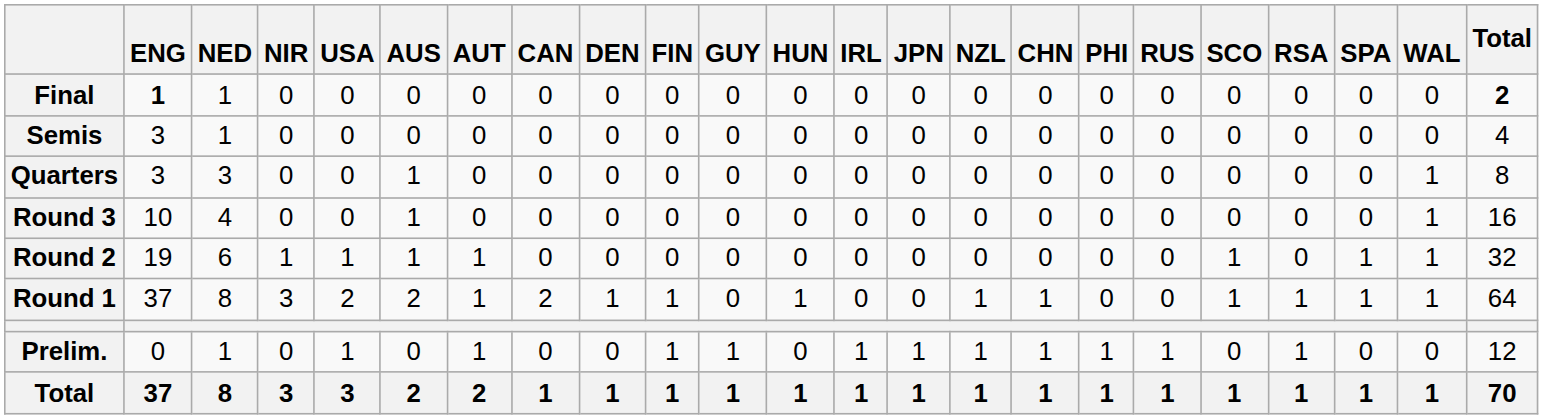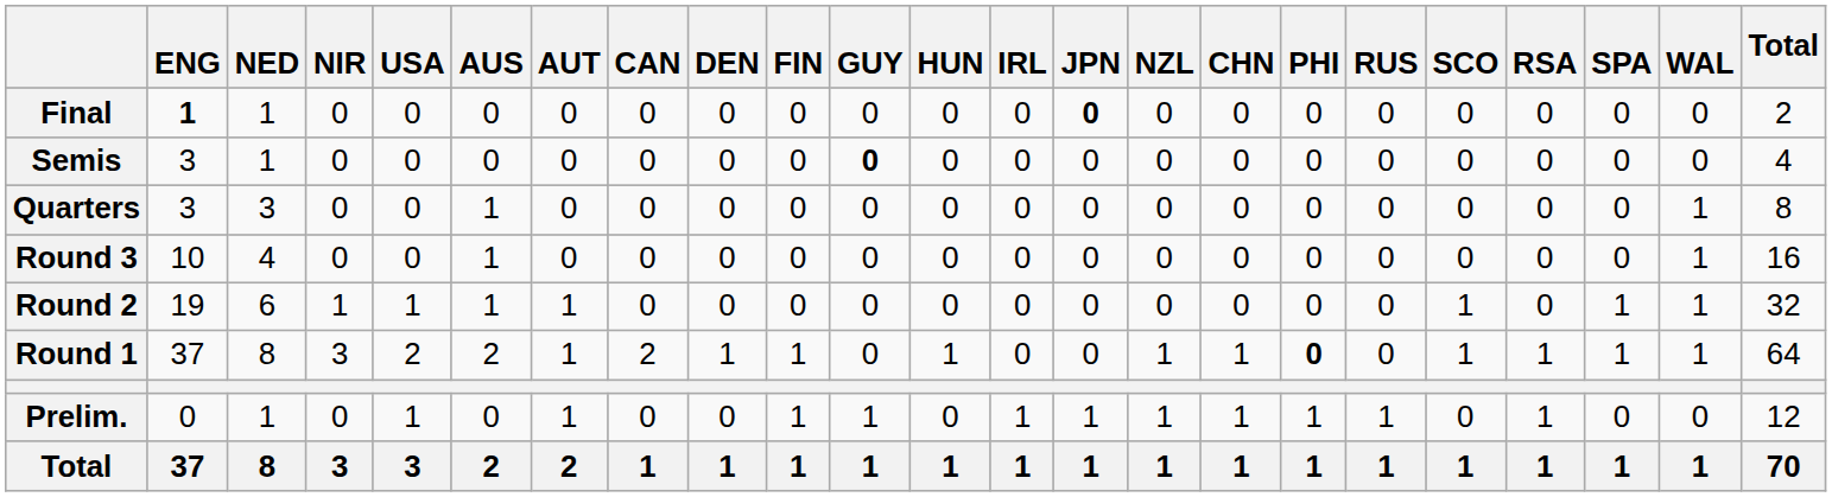 <table class="wikitable" border="1" align="center">
 <tr>
 <th></th>
 <th> <br>ENG</th>
 <th> <br>NED</th>
 <th> <br>NIR</th>
 <th> <br>USA</th>
 <th> <br>AUS</th>
 <th> <br>AUT</th>
 <th> <br>CAN</th>
 <th> <br>DEN</th>
 <th> <br>FIN</th>
 <th> <br>GUY</th>
 <th> <br>HUN</th>
 <th> <br>IRL</th>
 <th> <br>JPN</th>
 <th> <br>NZL</th>
 <th> <br>CHN</th>
 <th> <br>PHI</th>
 <th> <br>RUS</th>
 <th> <br>SCO</th>
 <th> <br>RSA</th>
 <th> <br>SPA</th>
 <th> <br>WAL</th>
 <th>Total</th>
 </tr>
 <tr align="center">
 <th>Final</th>
 <td><strong>1</strong></td>
 <td>1</td>
 <td>0</td>
 <td>0</td>
 <td>0</td>
 <td>0</td>
 <td>0</td>
 <td>0</td>
 <td>0</td>
 <td>0</td>
 <td>0</td>
 <td>0</td>
+<td><strong>0</strong></td>
 <td>0</td>
 <td>0</td>
 <td>0</td>
 <td>0</td>
 <td>0</td>
 <td>0</td>
 <td>0</td>
 <td>0</td>
-<td>0</td>
-<td><strong>2</strong></td>
+<td>2</td>
 </tr>
 <tr align="center">
 <th>Semis</th>
 <td>3</td>
 <td>1</td>
 <td>0</td>
 <td>0</td>
 <td>0</td>
 <td>0</td>
 <td>0</td>
 <td>0</td>
 <td>0</td>
-<td>0</td>
+<td><strong>0</strong></td>
 <td>0</td>
 <td>0</td>
 <td>0</td>
 <td>0</td>
 <td>0</td>
 <td>0</td>
 <td>0</td>
 <td>0</td>
 <td>0</td>
 <td>0</td>
 <td>0</td>
 <td>4</td>
 </tr>
 <tr align="center">
 <th>Quarters</th>
 <td>3</td>
 <td>3</td>
 <td>0</td>
 <td>0</td>
 <td>1</td>
 <td>0</td>
 <td>0</td>
 <td>0</td>
 <td>0</td>
 <td>0</td>
 <td>0</td>
 <td>0</td>
 <td>0</td>
 <td>0</td>
 <td>0</td>
 <td>0</td>
 <td>0</td>
 <td>0</td>
 <td>0</td>
 <td>0</td>
 <td>1</td>
 <td>8</td>
 </tr>
 <tr align="center">
 <th>Round 3</th>
 <td>10</td>
 <td>4</td>
 <td>0</td>
 <td>0</td>
 <td>1</td>
 <td>0</td>
 <td>0</td>
 <td>0</td>
 <td>0</td>
 <td>0</td>
 <td>0</td>
 <td>0</td>
 <td>0</td>
 <td>0</td>
 <td>0</td>
 <td>0</td>
 <td>0</td>
 <td>0</td>
 <td>0</td>
 <td>0</td>
 <td>1</td>
 <td>16</td>
 </tr>
 <tr align="center">
 <th>Round 2</th>
 <td>19</td>
 <td>6</td>
 <td>1</td>
 <td>1</td>
 <td>1</td>
 <td>1</td>
 <td>0</td>
 <td>0</td>
 <td>0</td>
 <td>0</td>
 <td>0</td>
 <td>0</td>
 <td>0</td>
 <td>0</td>
 <td>0</td>
 <td>0</td>
 <td>0</td>
 <td>1</td>
 <td>0</td>
 <td>1</td>
 <td>1</td>
 <td>32</td>
 </tr>
 <tr align="center">
 <th>Round 1</th>
 <td>37</td>
 <td>8</td>
 <td>3</td>
 <td>2</td>
 <td>2</td>
 <td>1</td>
 <td>2</td>
 <td>1</td>
 <td>1</td>
 <td>0</td>
 <td>1</td>
 <td>0</td>
 <td>0</td>
 <td>1</td>
 <td>1</td>
-<td>0</td>
+<td><strong>0</strong></td>
 <td>0</td>
 <td>1</td>
 <td>1</td>
 <td>1</td>
 <td>1</td>
 <td>64</td>
 </tr>
 <tr align="center">
 <th colspan=1></th>
 <th colspan=21></th>
 <th colspan=1></th>
 </tr>
 <tr align="center">
 <th>Prelim.</th>
 <td>0</td>
 <td>1</td>
 <td>0</td>
 <td>1</td>
 <td>0</td>
 <td>1</td>
 <td>0</td>
 <td>0</td>
 <td>1</td>
 <td>1</td>
 <td>0</td>
 <td>1</td>
 <td>1</td>
 <td>1</td>
 <td>1</td>
 <td>1</td>
 <td>1</td>
 <td>0</td>
 <td>1</td>
 <td>0</td>
 <td>0</td>
 <td>12</td>
 </tr>
 <tr>
 <th>Total</th>
 <th>37</th>
 <th>8</th>
 <th>3</th>
 <th>3</th>
 <th>2</th>
 <th>2</th>
 <th>1</th>
 <th>1</th>
 <th>1</th>
 <th>1</th>
 <th>1</th>
 <th>1</th>
 <th>1</th>
 <th>1</th>
 <th>1</th>
 <th>1</th>
 <th>1</th>
 <th>1</th>
 <th>1</th>
 <th>1</th>
 <th>1</th>
 <th>70</th>
 </tr>
 </table>
